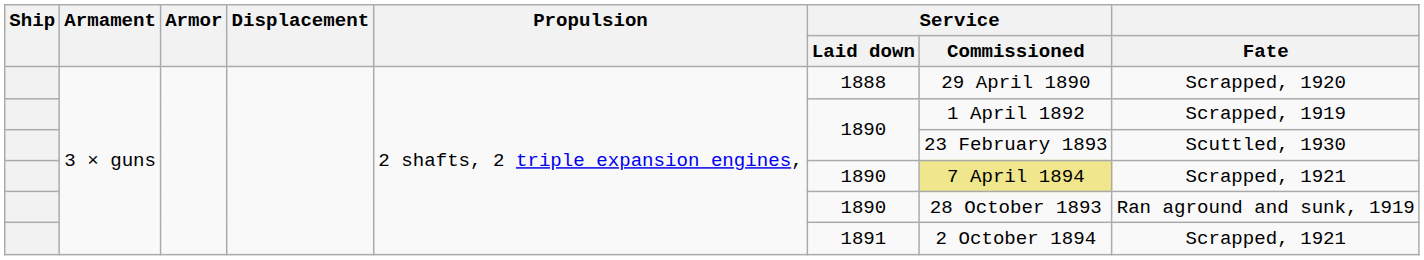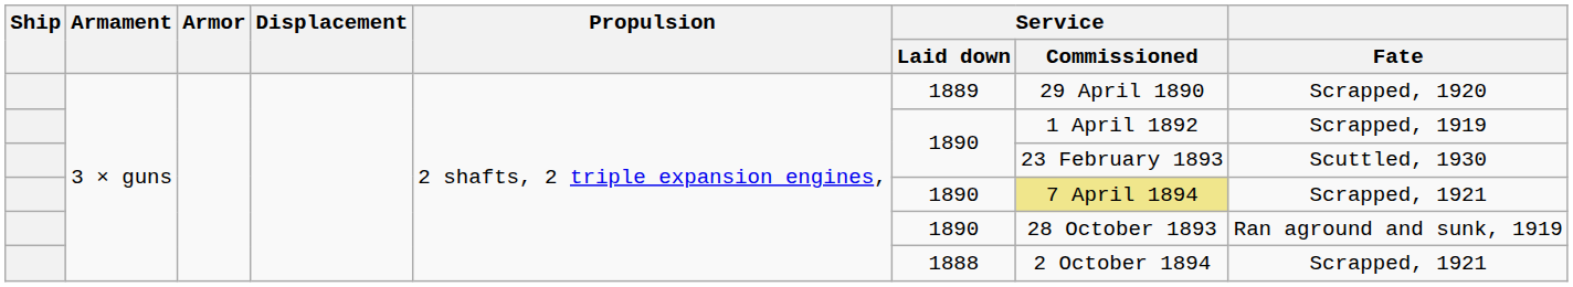 <table class="wikitable plainrowheaders" style="text-align: center;">
 <tr valign="top">
 <th scope="col" rowspan="2">Ship</th>
 <th scope="col" rowspan="2">Armament</th>
 <th scope="col" rowspan="2">Armor</th>
 <th scope="col" rowspan="2">Displacement</th>
 <th scope="col" rowspan="2">Propulsion</th>
 <th scope="col" colspan="2">Service</th>
 <th></th>
 </tr>
 <tr valign="top">
 <th scope="col">Laid down</th>
 <th scope="col">Commissioned</th>
 <th scope="col">Fate</th>
 </tr>
 <tr valign="center">
 <th scope="row"></th>
 <td rowspan="6">3 × <a href='#'></a> guns</td>
 <td rowspan="6"></td>
 <td rowspan="6"></td>
 <td rowspan="6">2 shafts, 2 <a href='#'>triple expansion engines</a>, </td>
-<td>1888</td>
+<td>1889</td>
 <td>29 April 1890</td>
 <td>Scrapped, 1920</td>
 </tr>
 <tr valign="center">
 <th scope="row"></th>
 <td rowspan="2">1890</td>
 <td>1 April 1892</td>
 <td>Scrapped, 1919</td>
 </tr>
 <tr valign="center">
 <th scope="row"></th>
 <td>23 February 1893</td>
 <td>Scuttled, 1930</td>
 </tr>
 <tr valign="center">
 <th scope="row"></th>
 <td>1890</td>
 <td style="background: khaki;">7 April 1894</td>
 <td>Scrapped, 1921</td>
 </tr>
 <tr valign="center">
 <th scope="row"></th>
 <td>1890</td>
 <td>28 October 1893</td>
 <td>Ran aground and sunk, 1919</td>
 </tr>
 <tr valign="center">
 <th scope="row"></th>
-<td>1891</td>
+<td>1888</td>
 <td>2 October 1894</td>
 <td>Scrapped, 1921</td>
 </tr>
 </table>
